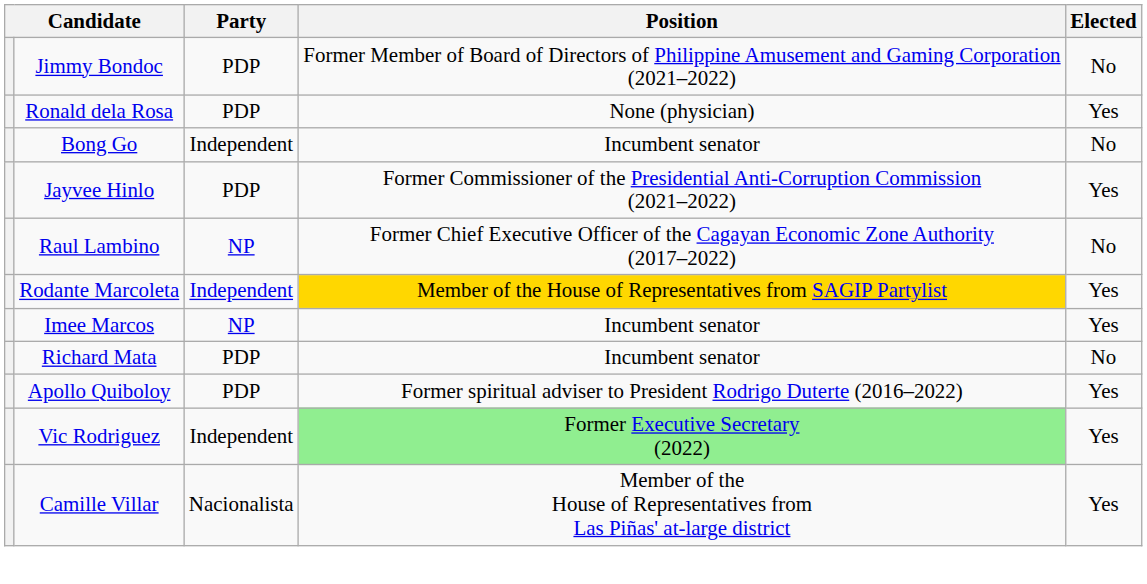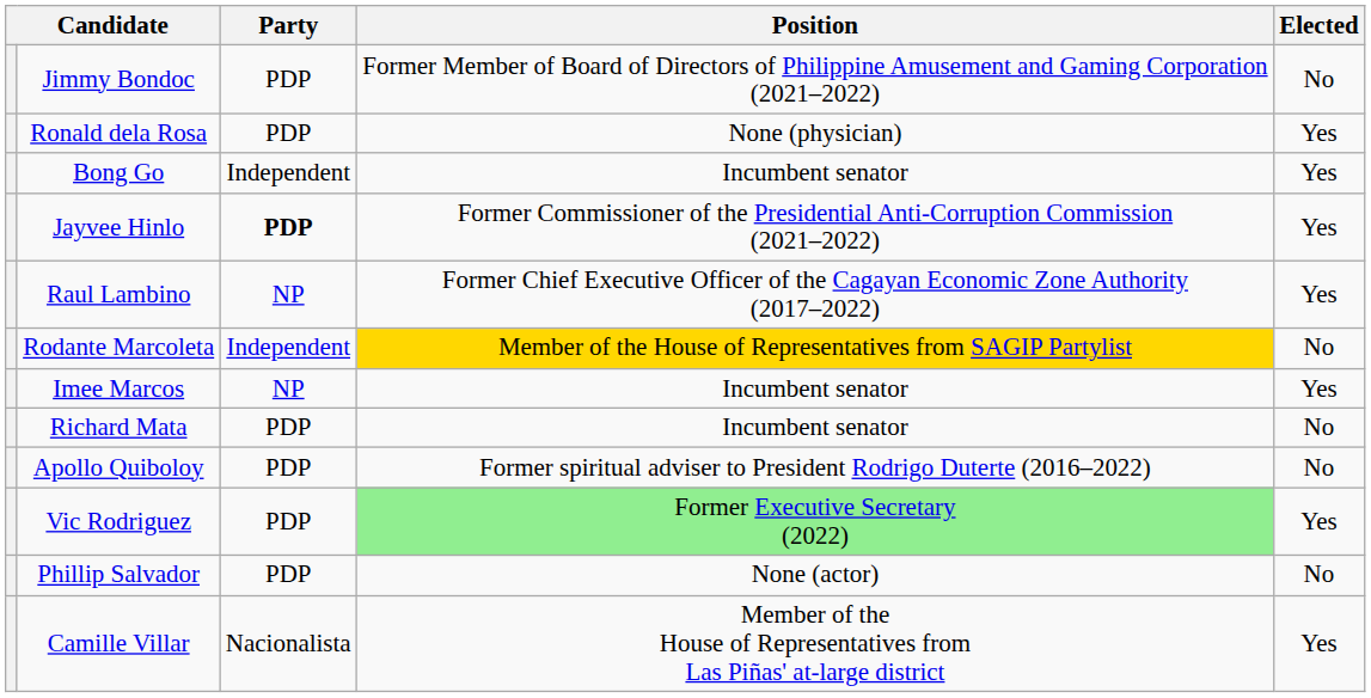 <table class="wikitable sortable" style="text-align:center;font-size:100%;">
 <tr>
 <th colspan="2">Candidate</th>
 <th>Party</th>
 <th>Position</th>
 <th>Elected</th>
 </tr>
 <tr>
 <th style="background:"></th>
 <td><a href='#'>Jimmy Bondoc</a></td>
 <td>PDP</td>
 <td>Former Member of Board of Directors of <a href='#'>Philippine Amusement and Gaming Corporation</a><br>(2021–2022)</td>
 <td>No</td>
 </tr>
 <tr>
 <th style="background:"></th>
 <td><a href='#'>Ronald dela Rosa</a></td>
 <td>PDP</td>
 <td>None (physician)</td>
 <td>Yes</td>
 </tr>
 <tr>
 <th style="background:"></th>
 <td><a href='#'>Bong Go</a></td>
 <td>Independent</td>
 <td>Incumbent senator</td>
-<td>No</td>
+<td>Yes</td>
 </tr>
 <tr>
 <th style="background:"></th>
 <td><a href='#'>Jayvee Hinlo</a></td>
-<td>PDP</td>
+<td><strong>PDP</strong></td>
 <td>Former Commissioner of the <a href='#'>Presidential Anti-Corruption Commission</a><br>(2021–2022)</td>
 <td>Yes</td>
 </tr>
 <tr>
 <th style="background:"></th>
 <td><a href='#'>Raul Lambino</a></td>
 <td><a href='#'>NP</a></td>
 <td>Former Chief Executive Officer of the <a href='#'>Cagayan Economic Zone Authority</a><br>(2017–2022)</td>
-<td>No</td>
+<td>Yes</td>
 </tr>
 <tr>
 <th style="background:"></th>
 <td><a href='#'>Rodante Marcoleta</a></td>
 <td><a href='#'>Independent</a></td>
 <td style="background: gold;">Member of the House of Representatives from <a href='#'>SAGIP Partylist</a></td>
-<td>Yes</td>
+<td>No</td>
 </tr>
 <tr>
 <th style="background:"></th>
 <td><a href='#'>Imee Marcos</a></td>
 <td><a href='#'>NP</a></td>
 <td>Incumbent senator</td>
 <td>Yes</td>
 </tr>
 <tr>
 <th style="background:"></th>
 <td><a href='#'>Richard Mata</a></td>
 <td>PDP</td>
 <td>Incumbent senator</td>
 <td>No</td>
 </tr>
 <tr>
 <th style="background:"></th>
 <td><a href='#'>Apollo Quiboloy</a></td>
 <td>PDP</td>
 <td>Former spiritual adviser to President <a href='#'>Rodrigo Duterte</a> (2016–2022)</td>
+<td>No</td>
+</tr>
+<tr>
+<th style="background:"></th>
+<td><a href='#'>Vic Rodriguez</a></td>
+<td>PDP</td>
+<td style="background: lightgreen;">Former <a href='#'>Executive Secretary</a><br>(2022)</td>
 <td>Yes</td>
 </tr>
 <tr>
 <th style="background:"></th>
-<td><a href='#'>Vic Rodriguez</a></td>
-<td>Independent</td>
-<td style="background: lightgreen;">Former <a href='#'>Executive Secretary</a><br>(2022)</td>
-<td>Yes</td>
+<td><a href='#'>Phillip Salvador</a></td>
+<td>PDP</td>
+<td>None (actor)</td>
+<td>No</td>
 </tr>
 <tr>
 <th style="background:"></th>
 <td><a href='#'>Camille Villar</a></td>
 <td>Nacionalista</td>
 <td>Member of the<br>House of Representatives from <br><a href='#'>Las Piñas' at-large district</a></td>
 <td>Yes</td>
 </tr>
 </table>
